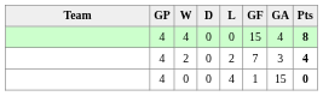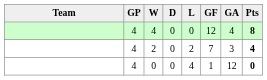 <table style=border-collapse:collapse border=1 cellspacing=0 cellpadding=5>
 <tr align=center bgcolor=#efefef>
 <th width=185>Team</th>
 <th width=20>GP</th>
 <th width=20>W</th>
 <th width=20>D</th>
 <th width=20>L</th>
 <th width=20>GF</th>
 <th width=20>GA</th>
 <th width=20>Pts</th>
 </tr>
 <tr bgcolor=#ccffcc align=center>
 <td style="text-align:left;"></td>
 <td>4</td>
 <td>4</td>
 <td>0</td>
 <td>0</td>
-<td>15</td>
+<td>12</td>
 <td>4</td>
 <td><strong>8</strong></td>
 </tr>
 <tr align=center>
 <td style="text-align:left;"></td>
 <td>4</td>
 <td>2</td>
 <td>0</td>
 <td>2</td>
 <td>7</td>
 <td>3</td>
 <td><strong>4</strong></td>
 </tr>
 <tr align=center>
 <td style="text-align:left;"></td>
 <td>4</td>
 <td>0</td>
 <td>0</td>
 <td>4</td>
 <td>1</td>
-<td>15</td>
+<td>12</td>
 <td><strong>0</strong></td>
 </tr>
 </table>
